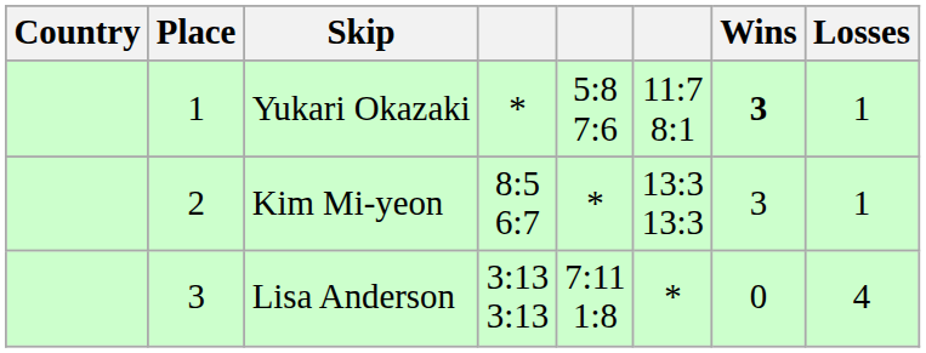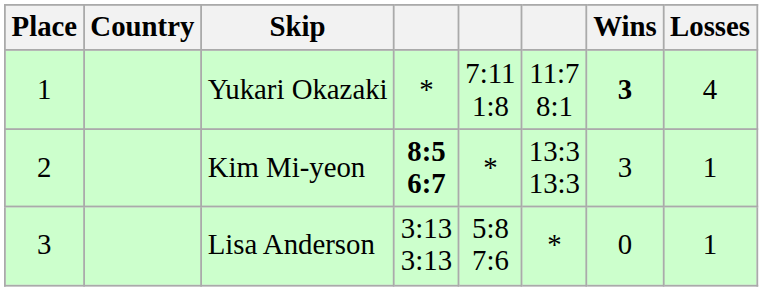 <table class="wikitable" style="text-align:center;">
 <tr>
+<th>Place</th>
 <th>Country</th>
-<th>Place</th>
 <th>Skip</th>
 <th width="25"></th>
 <th width="25"></th>
 <th width="25"></th>
 <th>Wins</th>
 <th>Losses</th>
 </tr>
 <tr bgcolor=#ccffcc>
+<td>1</td>
 <td align=left></td>
-<td>1</td>
 <td align=left>Yukari Okazaki</td>
 <td>*</td>
-<td>5:8<br> 7:6</td>
+<td>7:11<br> 1:8</td>
 <td>11:7<br> 8:1</td>
 <td><strong>3</strong></td>
-<td>1</td>
+<td>4</td>
 </tr>
 <tr bgcolor=#ccffcc>
+<td>2</td>
 <td align=left></td>
-<td>2</td>
 <td align=left>Kim Mi-yeon</td>
-<td>8:5<br> 6:7</td>
+<td><strong>8:5<br> 6:7</strong></td>
 <td>*</td>
 <td>13:3<br>13:3</td>
 <td>3</td>
 <td>1</td>
 </tr>
 <tr bgcolor=#ccffcc>
+<td>3</td>
 <td align=left></td>
-<td>3</td>
 <td align=left>Lisa Anderson</td>
 <td>3:13<br>3:13</td>
-<td>7:11<br> 1:8</td>
+<td>5:8<br> 7:6</td>
 <td>*</td>
 <td>0</td>
-<td>4</td>
+<td>1</td>
 </tr>
 </table>
